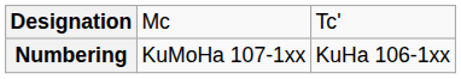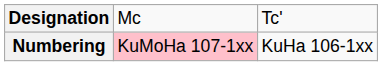 <table class="wikitable">
 <tr>
 <th>Designation</th>
 <td>Mc</td>
 <td>Tc'</td>
 </tr>
 <tr>
 <th>Numbering</th>
-<td>KuMoHa 107-1xx</td>
+<td style="background: pink;">KuMoHa 107-1xx</td>
 <td>KuHa 106-1xx</td>
 </tr>
 </table>
